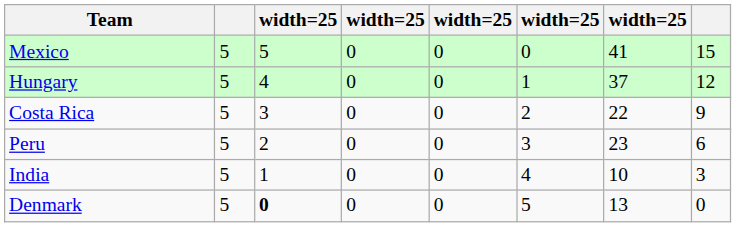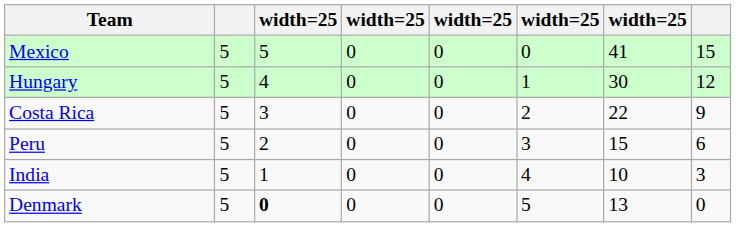 <table class="wikitable sortable" style="text-align: left;">
 <tr>
 <th width=165>Team</th>
 <th width=25></th>
 <th>width=25</th>
 <th>width=25</th>
 <th>width=25</th>
 <th>width=25</th>
 <th>width=25</th>
 <th width=25></th>
 </tr>
 <tr style="background:#cfc">
 <td> <a href='#'>Mexico</a></td>
 <td>5</td>
 <td>5</td>
 <td>0</td>
 <td>0</td>
 <td>0</td>
 <td>41</td>
 <td>15</td>
 </tr>
 <tr style="background:#cfc">
 <td> <a href='#'>Hungary</a></td>
 <td>5</td>
 <td>4</td>
 <td>0</td>
 <td>0</td>
 <td>1</td>
-<td>37</td>
+<td>30</td>
 <td>12</td>
 </tr>
 <tr>
 <td> <a href='#'>Costa Rica</a></td>
 <td>5</td>
 <td>3</td>
 <td>0</td>
 <td>0</td>
 <td>2</td>
 <td>22</td>
 <td>9</td>
 </tr>
 <tr>
 <td> <a href='#'>Peru</a></td>
 <td>5</td>
 <td>2</td>
 <td>0</td>
 <td>0</td>
 <td>3</td>
-<td>23</td>
+<td>15</td>
 <td>6</td>
 </tr>
 <tr>
 <td> <a href='#'>India</a></td>
 <td>5</td>
 <td>1</td>
 <td>0</td>
 <td>0</td>
 <td>4</td>
 <td>10</td>
 <td>3</td>
 </tr>
 <tr>
 <td> <a href='#'>Denmark</a></td>
 <td>5</td>
 <td><strong>0</strong></td>
 <td>0</td>
 <td>0</td>
 <td>5</td>
 <td>13</td>
 <td>0</td>
 </tr>
 </table>
